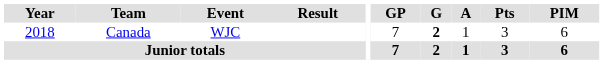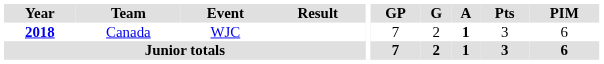 <table border="0" cellpadding="1" cellspacing="0" ID="Table3" style="text-align:center; width:40em;">
 <tr bgcolor="#e0e0e0">
 <th>Year</th>
 <th>Team</th>
 <th>Event</th>
 <th>Result</th>
 <th rowspan="99" bgcolor="#ffffff"></th>
 <th>GP</th>
 <th>G</th>
 <th>A</th>
 <th>Pts</th>
 <th>PIM</th>
 </tr>
 <tr>
-<td><a href='#'>2018</a></td>
+<td><strong><a href='#'>2018</a></strong></td>
 <td><a href='#'>Canada</a></td>
 <td><a href='#'>WJC</a></td>
 <td></td>
 <td>7</td>
-<td><strong>2</strong></td>
-<td>1</td>
+<td>2</td>
+<td><strong>1</strong></td>
 <td>3</td>
 <td>6</td>
 </tr>
 <tr bgcolor="#e0e0e0">
 <th colspan="4">Junior totals</th>
 <th>7</th>
 <th>2</th>
 <th>1</th>
 <th>3</th>
 <th>6</th>
 </tr>
 </table>
